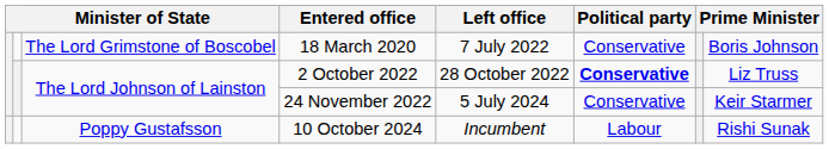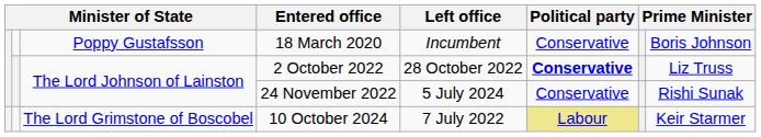 <table class="wikitable" style="text-align:center">
 <tr>
 <th colspan=3>Minister of State</th>
 <th>Entered office</th>
 <th>Left office</th>
 <th>Political party</th>
 <th colspan=2>Prime Minister</th>
 </tr>
 <tr>
 <th rowspan=3 style="background-color: "></th>
 <td></td>
-<td><a href='#'>The Lord Grimstone of Boscobel</a></td>
+<td><a href='#'>Poppy Gustafsson</a></td>
 <td>18 March 2020</td>
-<td>7 July 2022</td>
+<td><em>Incumbent</em></td>
 <td><a href='#'>Conservative</a></td>
 <th style="background-color: "></th>
 <td><a href='#'>Boris Johnson</a></td>
 </tr>
 <tr>
 <th rowspan=2></th>
 <td rowspan=2><a href='#'>The Lord Johnson of Lainston</a></td>
 <td>2 October 2022</td>
 <td>28 October 2022</td>
 <td><strong><a href='#'>Conservative</a></strong></td>
 <th style="background-color: "></th>
 <td><a href='#'>Liz Truss</a></td>
 </tr>
 <tr>
 <td>24 November 2022</td>
 <td>5 July 2024</td>
 <td><a href='#'>Conservative</a></td>
 <th style="background-color: "></th>
-<td><a href='#'>Keir Starmer</a></td>
+<td><a href='#'>Rishi Sunak</a></td>
 </tr>
 <tr>
 <th rowspan=3 style="background-color: "></th>
 <td></td>
-<td><a href='#'>Poppy Gustafsson</a></td>
+<td><a href='#'>The Lord Grimstone of Boscobel</a></td>
 <td>10 October 2024</td>
-<td><em>Incumbent</em></td>
-<td><a href='#'>Labour</a></td>
+<td>7 July 2022</td>
+<td style="background: khaki;"><a href='#'>Labour</a></td>
 <th style="background-color: "></th>
-<td><a href='#'>Rishi Sunak</a></td>
+<td><a href='#'>Keir Starmer</a></td>
 </tr>
 </table>
